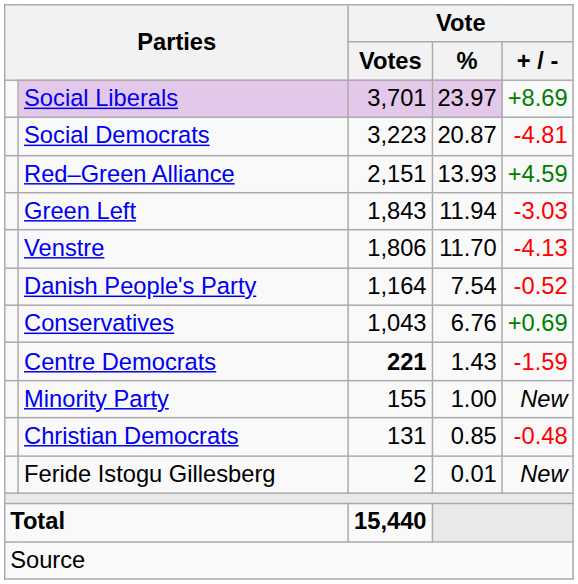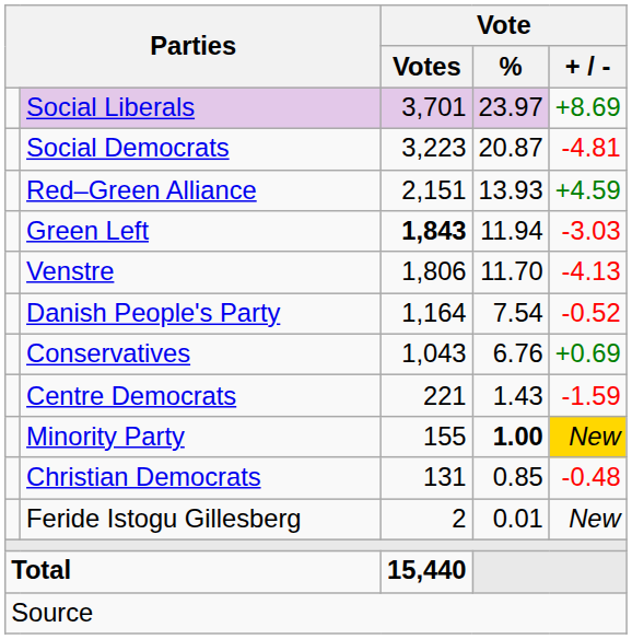 <table class="wikitable" style="text-align:right;">
 <tr>
 <th style="text-align:centre;" rowspan="2" colspan="2" width="225">Parties</th>
 <th colspan="3">Vote</th>
 </tr>
 <tr>
 <th width="15">Votes</th>
 <th width="15">%</th>
 <th width="15">+ / -</th>
 </tr>
 <tr>
 <td width="2" style="color:inherit;background:"></td>
 <td bgcolor=#e3c8e9  align="left"><a href='#'>Social Liberals</a></td>
 <td bgcolor=#e3c8e9>3,701</td>
 <td bgcolor=#e3c8e9>23.97</td>
 <td style=color:green;>+8.69</td>
 </tr>
 <tr>
 <td width="2" style="color:inherit;background:"></td>
 <td align="left"><a href='#'>Social Democrats</a></td>
 <td>3,223</td>
 <td>20.87</td>
 <td style=color:red;>-4.81</td>
 </tr>
 <tr>
 <td width="2" style="color:inherit;background:"></td>
 <td align="left"><a href='#'>Red–Green Alliance</a></td>
 <td>2,151</td>
 <td>13.93</td>
 <td style=color:green;>+4.59</td>
 </tr>
 <tr>
 <td width="2" style="color:inherit;background:"></td>
 <td align="left"><a href='#'>Green Left</a></td>
-<td>1,843</td>
+<td><strong>1,843</strong></td>
 <td>11.94</td>
 <td style=color:red;>-3.03</td>
 </tr>
 <tr>
 <td width="2" style="color:inherit;background:"></td>
 <td align="left"><a href='#'>Venstre</a></td>
 <td>1,806</td>
 <td>11.70</td>
 <td style=color:red;>-4.13</td>
 </tr>
 <tr>
 <td width="2" style="color:inherit;background:"></td>
 <td align="left"><a href='#'>Danish People's Party</a></td>
 <td>1,164</td>
 <td>7.54</td>
 <td style=color:red;>-0.52</td>
 </tr>
 <tr>
 <td width="2" style="color:inherit;background:"></td>
 <td align="left"><a href='#'>Conservatives</a></td>
 <td>1,043</td>
 <td>6.76</td>
 <td style=color:green;>+0.69</td>
 </tr>
 <tr>
 <td width="2" style="color:inherit;background:"></td>
 <td align="left"><a href='#'>Centre Democrats</a></td>
-<td><strong>221</strong></td>
+<td>221</td>
 <td>1.43</td>
 <td style=color:red;>-1.59</td>
 </tr>
 <tr>
 <td width="2" style="color:inherit;background:"></td>
 <td align="left"><a href='#'>Minority Party</a></td>
 <td>155</td>
-<td>1.00</td>
-<td><em>New</em></td>
+<td><strong>1.00</strong></td>
+<td style="background: gold;"><em>New</em></td>
 </tr>
 <tr>
 <td width="2" style="color:inherit;background:"></td>
 <td align="left"><a href='#'>Christian Democrats</a></td>
 <td>131</td>
 <td>0.85</td>
 <td style=color:red;>-0.48</td>
 </tr>
 <tr>
 <td width="2" style="color:inherit;background:"></td>
 <td align="left">Feride Istogu Gillesberg</td>
 <td>2</td>
 <td>0.01</td>
 <td><em>New</em></td>
 </tr>
 <tr>
 <td colspan="7" bgcolor="#E9E9E9"></td>
 </tr>
 <tr>
 <td align="left" colspan="2"><strong>Total</strong></td>
 <td><strong>15,440</strong></td>
 <td bgcolor="#E9E9E9" colspan="2"></td>
 </tr>
 <tr>
 <td align="left" colspan="6">Source</td>
 </tr>
 </table>
